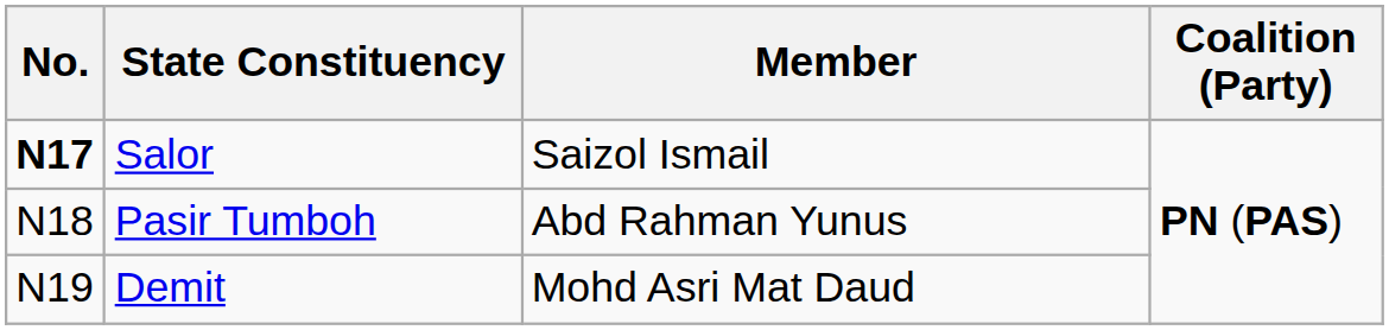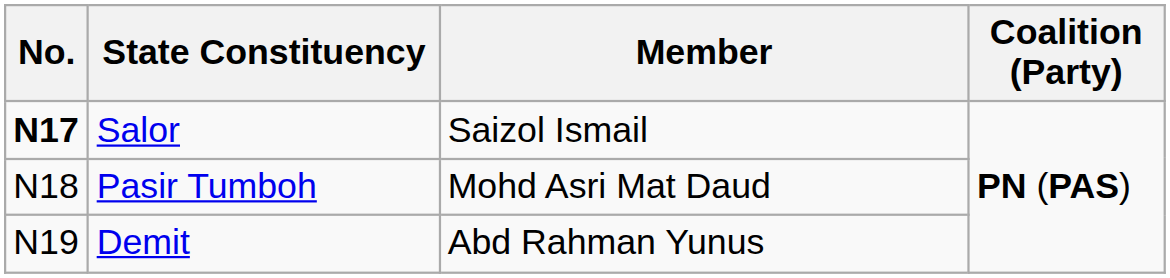 <table class="wikitable">
 <tr>
 <th width="30">No.</th>
 <th width="150">State Constituency</th>
 <th width="230">Member</th>
 <th width="80">Coalition (Party)</th>
 </tr>
 <tr>
 <td><strong>N17</strong></td>
 <td><a href='#'>Salor</a></td>
 <td>Saizol Ismail</td>
 <td rowspan=3 style="background:"><strong>PN</strong> (<strong>PAS</strong>)</td>
 </tr>
 <tr>
 <td>N18</td>
 <td><a href='#'>Pasir Tumboh</a></td>
-<td>Abd Rahman Yunus</td>
+<td>Mohd Asri Mat Daud</td>
 </tr>
 <tr>
 <td>N19</td>
 <td><a href='#'>Demit</a></td>
-<td>Mohd Asri Mat Daud</td>
+<td>Abd Rahman Yunus</td>
 </tr>
 </table>
